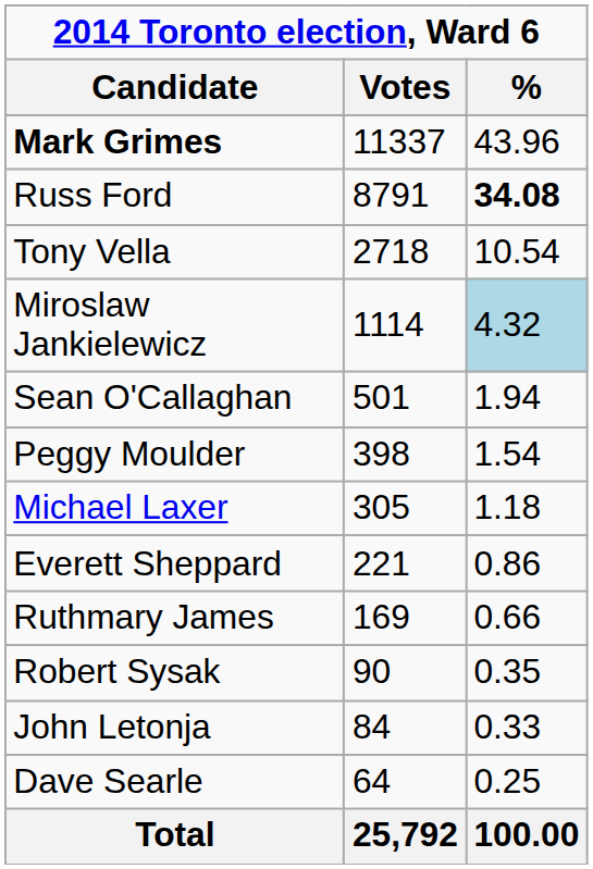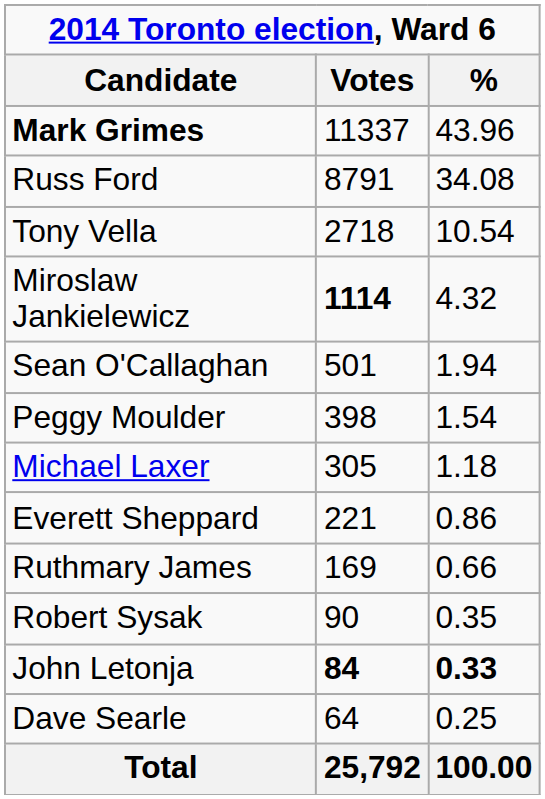 <table class="wikitable">
 <tr>
 <td Colspan="3" align="center"><strong><a href='#'>2014 Toronto election</a>, Ward 6</strong></td>
 </tr>
 <tr>
 <th width="150px">Candidate</th>
 <th>Votes</th>
 <th>%</th>
 </tr>
 <tr>
 <td><strong>Mark Grimes</strong></td>
 <td>11337</td>
 <td>43.96</td>
 </tr>
 <tr>
 <td>Russ Ford</td>
 <td>8791</td>
-<td><strong>34.08</strong></td>
+<td>34.08</td>
 </tr>
 <tr>
 <td>Tony Vella</td>
 <td>2718</td>
 <td>10.54</td>
 </tr>
 <tr>
 <td>Miroslaw Jankielewicz</td>
-<td>1114</td>
-<td style="background: lightblue;">4.32</td>
+<td><strong>1114</strong></td>
+<td>4.32</td>
 </tr>
 <tr>
 <td>Sean O'Callaghan</td>
 <td>501</td>
 <td>1.94</td>
 </tr>
 <tr>
 <td>Peggy Moulder</td>
 <td>398</td>
 <td>1.54</td>
 </tr>
 <tr>
 <td><a href='#'>Michael Laxer</a></td>
 <td>305</td>
 <td>1.18</td>
 </tr>
 <tr>
 <td>Everett Sheppard</td>
 <td>221</td>
 <td>0.86</td>
 </tr>
 <tr>
 <td>Ruthmary James</td>
 <td>169</td>
 <td>0.66</td>
 </tr>
 <tr>
 <td>Robert Sysak</td>
 <td>90</td>
 <td>0.35</td>
 </tr>
 <tr>
 <td>John Letonja</td>
-<td>84</td>
-<td>0.33</td>
+<td><strong>84</strong></td>
+<td><strong>0.33</strong></td>
 </tr>
 <tr>
 <td>Dave Searle</td>
 <td>64</td>
 <td>0.25</td>
 </tr>
 <tr>
 <th>Total</th>
 <th>25,792</th>
 <th>100.00</th>
 </tr>
 </table>
